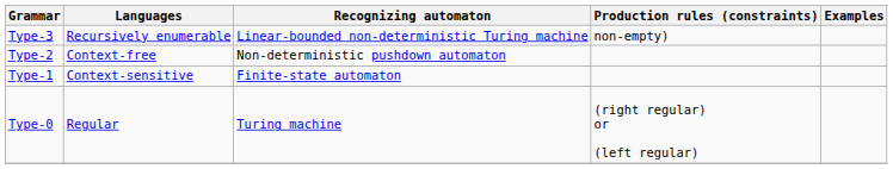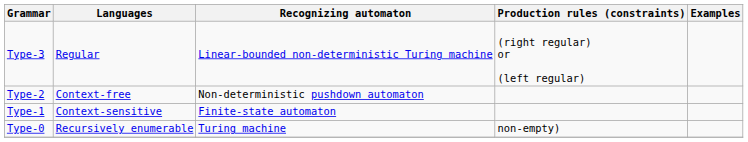 <table class="wikitable sortable">
 <tr>
 <th>Grammar</th>
 <th>Languages</th>
 <th>Recognizing automaton</th>
 <th>Production rules (constraints)</th>
 <th>Examples</th>
 </tr>
 <tr>
 <td><a href='#'>Type-3</a></td>
-<td><a href='#'>Recursively enumerable</a></td>
+<td><a href='#'>Regular</a></td>
 <td><a href='#'>Linear-bounded non-deterministic Turing machine</a></td>
-<td> non-empty)</td>
+<td><br> (right regular)<br>or<br><br> (left regular)</td>
 <td></td>
 </tr>
 <tr>
 <td><a href='#'>Type-2</a></td>
 <td><a href='#'>Context-free</a></td>
 <td>Non-deterministic <a href='#'>pushdown automaton</a></td>
 <td></td>
 <td></td>
 </tr>
 <tr>
 <td><a href='#'>Type-1</a></td>
 <td><a href='#'>Context-sensitive</a></td>
 <td><a href='#'>Finite-state automaton</a></td>
 <td></td>
 <td></td>
 </tr>
 <tr>
 <td><a href='#'>Type-0</a></td>
-<td><a href='#'>Regular</a></td>
+<td><a href='#'>Recursively enumerable</a></td>
 <td><a href='#'>Turing machine</a></td>
-<td><br> (right regular)<br>or<br><br> (left regular)</td>
+<td> non-empty)</td>
 <td></td>
 </tr>
 <tr>
 </tr>
 </table>
